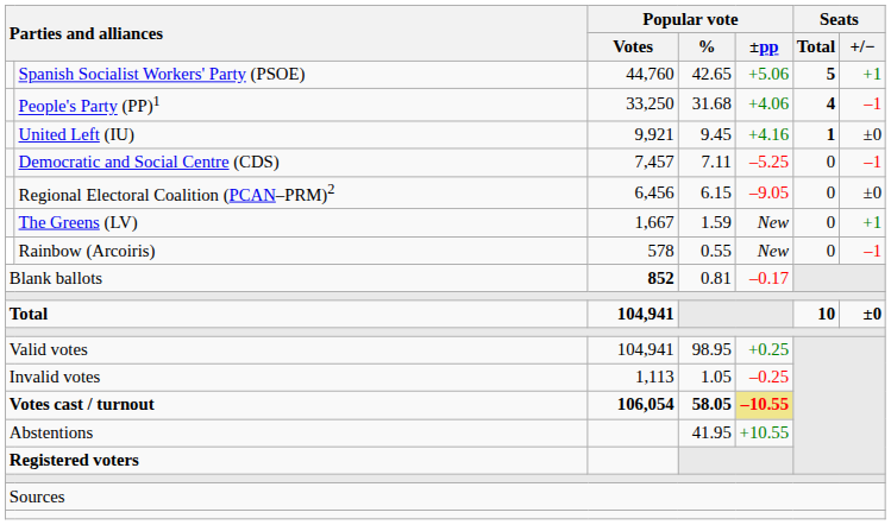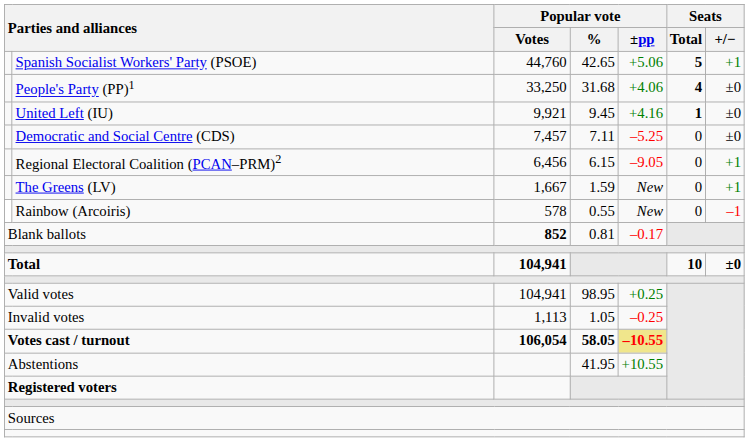 <table class="wikitable" style="text-align:right;">
 <tr>
 <th style="text-align:left;" rowspan="2" colspan="2" width="525">Parties and alliances</th>
 <th colspan="3">Popular vote</th>
 <th colspan="2">Seats</th>
 </tr>
 <tr>
 <th width="75">Votes</th>
 <th width="45">%</th>
 <th width="45">±<a href='#'>pp</a></th>
 <th width="35">Total</th>
 <th width="35">+/−</th>
 </tr>
 <tr>
 <td width="1" style="color:inherit;background:"></td>
 <td align="left"><a href='#'>Spanish Socialist Workers' Party</a> (PSOE)</td>
 <td>44,760</td>
 <td>42.65</td>
 <td style="color:green;">+5.06</td>
 <td><strong>5</strong></td>
 <td style="color:green;">+1</td>
 </tr>
 <tr>
 <td style="color:inherit;background:"></td>
 <td align="left"><a href='#'>People's Party</a> (PP)<sup>1</sup></td>
 <td>33,250</td>
 <td>31.68</td>
 <td style="color:green;">+4.06</td>
 <td><strong>4</strong></td>
-<td style="color:red;">–1</td>
+<td>±0</td>
 </tr>
 <tr>
 <td style="color:inherit;background:"></td>
 <td align="left"><a href='#'>United Left</a> (IU)</td>
 <td>9,921</td>
 <td>9.45</td>
 <td style="color:green;">+4.16</td>
 <td><strong>1</strong></td>
 <td>±0</td>
 </tr>
 <tr>
 <td style="color:inherit;background:"></td>
 <td align="left"><a href='#'>Democratic and Social Centre</a> (CDS)</td>
 <td>7,457</td>
 <td>7.11</td>
 <td style="color:red;">–5.25</td>
 <td>0</td>
-<td style="color:red;">–1</td>
+<td>±0</td>
 </tr>
 <tr>
 <td style="color:inherit;background:"></td>
 <td align="left">Regional Electoral Coalition (<a href='#'>PCAN</a>–PRM)<sup>2</sup></td>
 <td>6,456</td>
 <td>6.15</td>
 <td style="color:red;">–9.05</td>
 <td>0</td>
-<td>±0</td>
+<td style="color:green;">+1</td>
 </tr>
 <tr>
 <td style="color:inherit;background:"></td>
 <td align="left"><a href='#'>The Greens</a> (LV)</td>
 <td>1,667</td>
 <td>1.59</td>
 <td><em>New</em></td>
 <td>0</td>
 <td style="color:green;">+1</td>
 </tr>
 <tr>
 <td bgcolor="white"></td>
 <td align="left">Rainbow (Arcoiris)</td>
 <td>578</td>
 <td>0.55</td>
 <td><em>New</em></td>
 <td>0</td>
 <td style="color:red;">–1</td>
 </tr>
 <tr>
 <td align="left" colspan="2">Blank ballots</td>
 <td><strong>852</strong></td>
 <td>0.81</td>
 <td style="color:red;">–0.17</td>
 <td bgcolor="#E9E9E9" colspan="2"></td>
 </tr>
 <tr>
 <td colspan="7" bgcolor="#E9E9E9"></td>
 </tr>
 <tr style="font-weight:bold;">
 <td align="left" colspan="2">Total</td>
 <td>104,941</td>
 <td bgcolor="#E9E9E9" colspan="2"></td>
 <td>10</td>
 <td>±0</td>
 </tr>
 <tr>
 <td colspan="7" bgcolor="#E9E9E9"></td>
 </tr>
 <tr>
 <td align="left" colspan="2">Valid votes</td>
 <td>104,941</td>
 <td>98.95</td>
 <td style="color:green;">+0.25</td>
 <td bgcolor="#E9E9E9" colspan="2" rowspan="5"></td>
 </tr>
 <tr>
 <td align="left" colspan="2">Invalid votes</td>
 <td>1,113</td>
 <td>1.05</td>
 <td style="color:red;">–0.25</td>
 </tr>
 <tr style="font-weight:bold;">
 <td align="left" colspan="2">Votes cast / turnout</td>
 <td>106,054</td>
 <td>58.05</td>
 <td style="background: khaki; color:red;">–10.55</td>
 </tr>
 <tr>
 <td align="left" colspan="2">Abstentions</td>
 <td></td>
 <td>41.95</td>
 <td style="color:green;">+10.55</td>
 </tr>
 <tr style="font-weight:bold;">
 <td align="left" colspan="2">Registered voters</td>
 <td></td>
 <td bgcolor="#E9E9E9" colspan="2"></td>
 </tr>
 <tr>
 <td colspan="7" bgcolor="#E9E9E9"></td>
 </tr>
 <tr>
 <td align="left" colspan="7">Sources</td>
 </tr>
 <tr>
 <td colspan="7" style="text-align:left; max-width:790px;"></td>
 </tr>
 </table>
